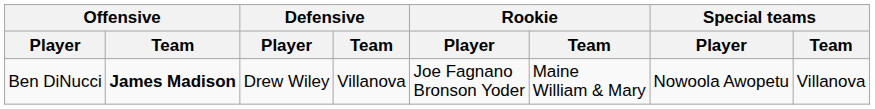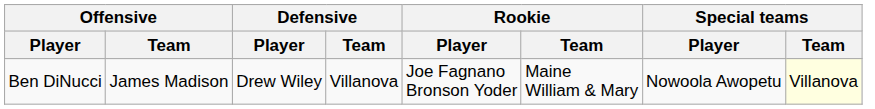 <table class="wikitable" border="1">
 <tr>
 <th colspan="2">Offensive</th>
 <th colspan="2">Defensive</th>
 <th colspan="2">Rookie</th>
 <th colspan="2">Special teams</th>
 </tr>
 <tr>
 <th>Player</th>
 <th>Team</th>
 <th>Player</th>
 <th>Team</th>
 <th>Player</th>
 <th>Team</th>
 <th>Player</th>
 <th>Team</th>
 </tr>
 <tr>
 <td>Ben DiNucci</td>
-<td><strong>James Madison</strong></td>
+<td>James Madison</td>
 <td>Drew Wiley</td>
 <td>Villanova</td>
 <td>Joe Fagnano<br>Bronson Yoder</td>
 <td>Maine<br>William & Mary</td>
 <td>Nowoola Awopetu</td>
-<td>Villanova</td>
+<td style="background: lightyellow;">Villanova</td>
 </tr>
 </table>
